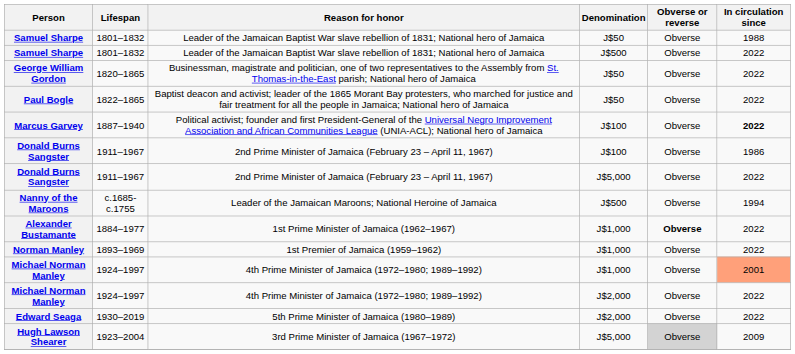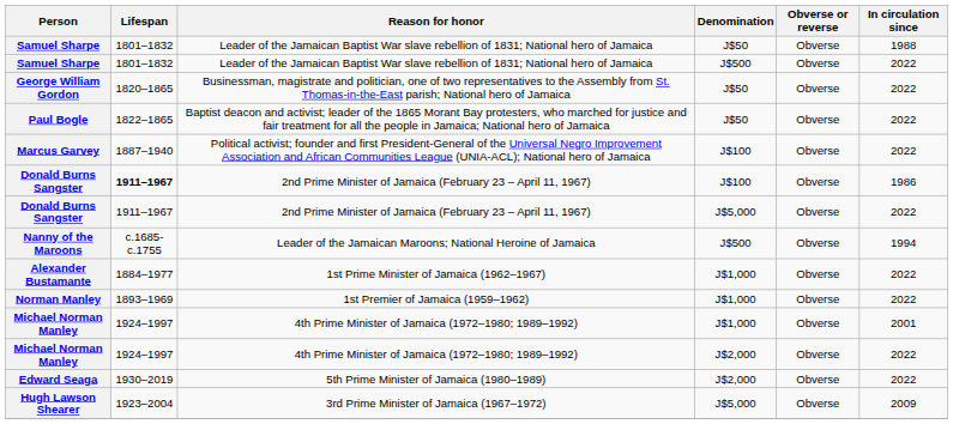 <table class="wikitable" style="font-size: 95%; text-align:center;">
 <tr>
 <th>Person</th>
 <th>Lifespan</th>
 <th>Reason for honor</th>
 <th>Denomination</th>
 <th>Obverse or reverse</th>
 <th>In circulation since</th>
 </tr>
 <tr>
 <th><a href='#'>Samuel Sharpe</a></th>
 <td>1801–1832</td>
 <td>Leader of the Jamaican Baptist War slave rebellion of 1831; National hero of Jamaica</td>
 <td>J$50</td>
 <td>Obverse</td>
 <td>1988</td>
 </tr>
 <tr>
 <th><a href='#'>Samuel Sharpe</a></th>
 <td>1801–1832</td>
 <td>Leader of the Jamaican Baptist War slave rebellion of 1831; National hero of Jamaica</td>
 <td>J$500</td>
 <td>Obverse</td>
 <td>2022</td>
 </tr>
 <tr>
 <th><a href='#'>George William Gordon</a></th>
 <td>1820–1865</td>
 <td>Businessman, magistrate and politician, one of two representatives to the Assembly from <a href='#'>St. Thomas-in-the-East</a> parish; National hero of Jamaica</td>
 <td>J$50</td>
 <td>Obverse</td>
 <td>2022</td>
 </tr>
 <tr>
 <th><a href='#'>Paul Bogle</a></th>
 <td>1822–1865</td>
 <td>Baptist deacon and activist; leader of the 1865 Morant Bay protesters, who marched for justice and fair treatment for all the people in Jamaica; National hero of Jamaica</td>
 <td>J$50</td>
 <td>Obverse</td>
 <td>2022</td>
 </tr>
 <tr>
 <th><a href='#'>Marcus Garvey</a></th>
 <td>1887–1940</td>
 <td>Political activist; founder and first President-General of the <a href='#'>Universal Negro Improvement Association and African Communities League</a> (UNIA-ACL); National hero of Jamaica</td>
 <td>J$100</td>
 <td>Obverse</td>
-<td><strong>2022</strong></td>
+<td>2022</td>
 </tr>
 <tr>
 <th><a href='#'>Donald Burns Sangster</a></th>
-<td>1911–1967</td>
+<td><strong>1911–1967</strong></td>
 <td>2nd Prime Minister of Jamaica (February 23 – April 11, 1967)</td>
 <td>J$100</td>
 <td>Obverse</td>
 <td>1986</td>
 </tr>
 <tr>
 <th><a href='#'>Donald Burns Sangster</a></th>
 <td>1911–1967</td>
 <td>2nd Prime Minister of Jamaica (February 23 – April 11, 1967)</td>
 <td>J$5,000</td>
 <td>Obverse</td>
 <td>2022</td>
 </tr>
 <tr>
 <th><a href='#'>Nanny of the Maroons</a></th>
 <td>c.1685-c.1755</td>
 <td>Leader of the Jamaican Maroons; National Heroine of Jamaica</td>
 <td>J$500</td>
 <td>Obverse</td>
 <td>1994</td>
 </tr>
 <tr>
 <th><a href='#'>Alexander Bustamante</a></th>
 <td>1884–1977</td>
 <td>1st Prime Minister of Jamaica (1962–1967)</td>
 <td>J$1,000</td>
-<td><strong>Obverse</strong></td>
+<td>Obverse</td>
 <td>2022</td>
 </tr>
 <tr>
 <th><a href='#'>Norman Manley</a></th>
 <td>1893–1969</td>
 <td>1st Premier of Jamaica (1959–1962)</td>
 <td>J$1,000</td>
 <td>Obverse</td>
 <td>2022</td>
 </tr>
 <tr>
 <th><a href='#'>Michael Norman Manley</a></th>
 <td>1924–1997</td>
 <td>4th Prime Minister of Jamaica (1972–1980; 1989–1992)</td>
 <td>J$1,000</td>
 <td>Obverse</td>
-<td style="background: lightsalmon;">2001</td>
+<td>2001</td>
 </tr>
 <tr>
 <th><a href='#'>Michael Norman Manley</a></th>
 <td>1924–1997</td>
 <td>4th Prime Minister of Jamaica (1972–1980; 1989–1992)</td>
 <td>J$2,000</td>
 <td>Obverse</td>
 <td>2022</td>
 </tr>
 <tr>
 <th><a href='#'>Edward Seaga</a></th>
 <td>1930–2019</td>
 <td>5th Prime Minister of Jamaica (1980–1989)</td>
 <td>J$2,000</td>
 <td>Obverse</td>
 <td>2022</td>
 </tr>
 <tr>
 <th><a href='#'>Hugh Lawson Shearer</a></th>
 <td>1923–2004</td>
 <td>3rd Prime Minister of Jamaica (1967–1972)</td>
 <td>J$5,000</td>
-<td style="background: lightgrey;">Obverse</td>
+<td>Obverse</td>
 <td>2009</td>
 </tr>
 <tr>
 </tr>
 </table>
